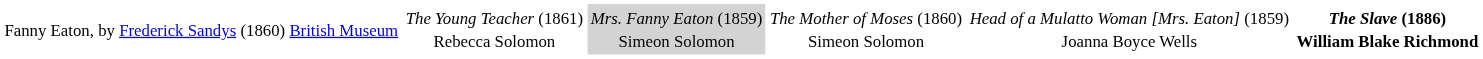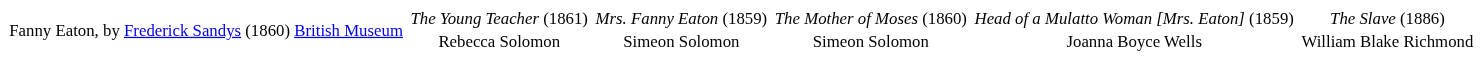 <table class="toccolours" border="0" cellpadding="2" cellspacing="2" style="margin:1em auto; text-align:center;">
 <tr>
 <td></td>
 <td></td>
 <td></td>
 <td></td>
 <td></td>
 <td></td>
 </tr>
 <tr>
 <td><small>Fanny Eaton, by <a href='#'>Frederick Sandys</a> (1860) <a href='#'>British Museum</a></small></td>
 <td><small><em>The Young Teacher</em> (1861)<br>Rebecca Solomon</small></td>
-<td style="background: lightgrey;"><small><em>Mrs. Fanny Eaton</em> (1859)<br>Simeon Solomon</small></td>
+<td><small><em>Mrs. Fanny Eaton</em> (1859)<br>Simeon Solomon</small></td>
 <td><small><em>The Mother of Moses</em> (1860)<br>Simeon Solomon</small></td>
 <td><small><em>Head of a Mulatto Woman [Mrs. Eaton]</em> (1859)<br>Joanna Boyce Wells</small></td>
-<td><strong><small><em>The Slave</em> (1886)<br>William Blake Richmond</small></strong></td>
+<td><small><em>The Slave</em> (1886)<br>William Blake Richmond</small></td>
 </tr>
 </table>
